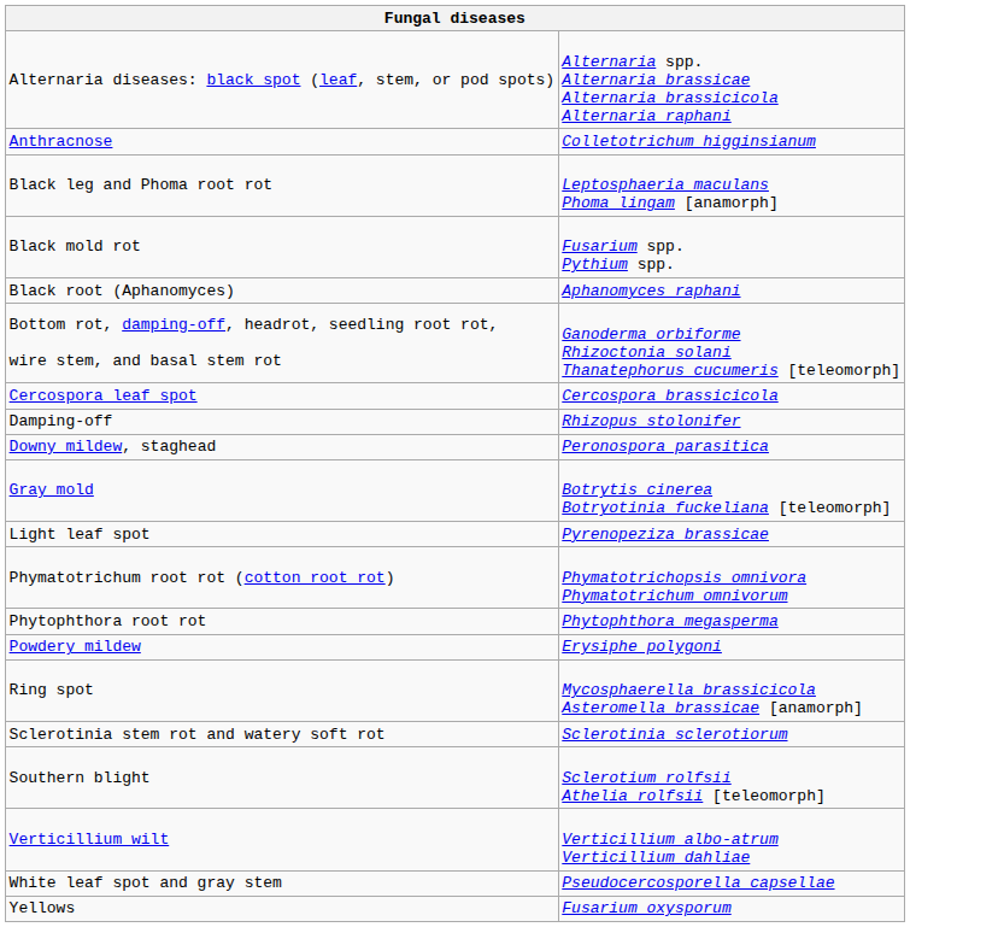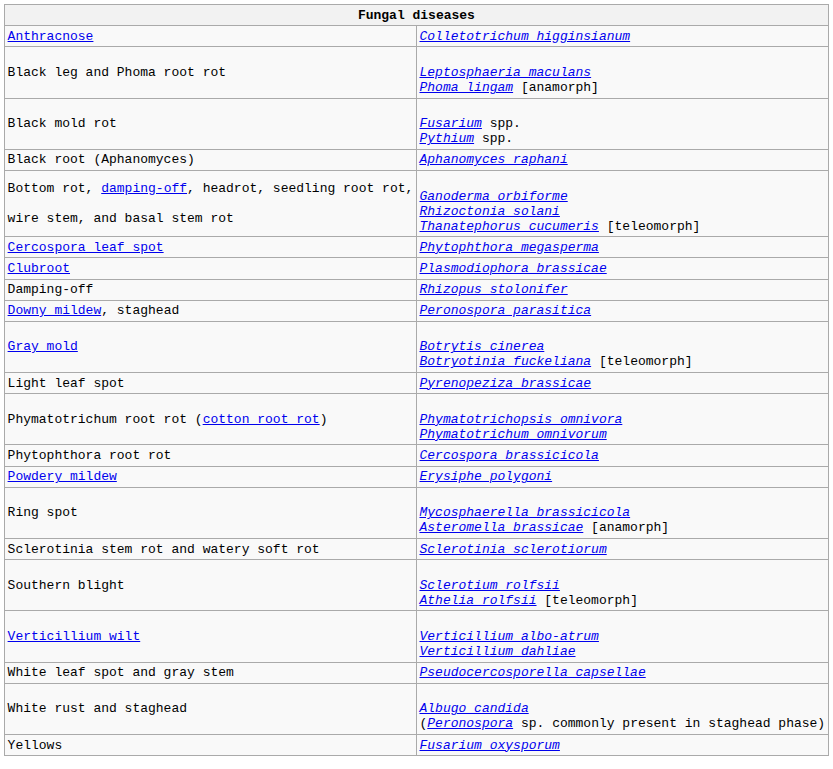 <table class="wikitable" style="clear">
 <tr>
 <th colspan=2><strong>Fungal diseases</strong><br></th>
-</tr>
-<tr>
-<td>Alternaria diseases: <a href='#'>black spot</a> (<a href='#'>leaf</a>, stem, or pod spots)</td>
-<td><br><em><a href='#'>Alternaria</a></em> spp. <br> <em><a href='#'>Alternaria brassicae</a></em><br> <em><a href='#'>Alternaria brassicicola</a></em><br> <em><a href='#'>Alternaria raphani</a></em></td>
 </tr>
 <tr>
 <td><a href='#'>Anthracnose</a></td>
 <td><em><a href='#'>Colletotrichum higginsianum</a></em></td>
 </tr>
 <tr>
 <td>Black leg and Phoma root rot</td>
 <td><br><em><a href='#'>Leptosphaeria maculans</a></em><br> <em><a href='#'>Phoma lingam</a></em> [anamorph]</td>
 </tr>
 <tr>
 <td>Black mold rot</td>
 <td><br><em><a href='#'>Fusarium</a></em> spp. <br> <em><a href='#'>Pythium</a></em> spp.</td>
 </tr>
 <tr>
 <td>Black root (Aphanomyces)</td>
 <td><em><a href='#'>Aphanomyces raphani</a></em></td>
 </tr>
 <tr>
 <td>Bottom rot, <a href='#'>damping-off</a>, headrot, seedling root rot, <br><br>wire stem, and basal stem rot</td>
 <td><br><em><a href='#'>Ganoderma orbiforme</a></em><br> <em><a href='#'>Rhizoctonia solani</a></em><br> <em><a href='#'>Thanatephorus cucumeris</a></em> [teleomorph]</td>
 </tr>
 <tr>
 <td><a href='#'>Cercospora leaf spot</a></td>
-<td><em><a href='#'>Cercospora brassicicola</a></em></td>
+<td><em><a href='#'>Phytophthora megasperma</a></em></td>
+</tr>
+<tr>
+<td><a href='#'>Clubroot</a></td>
+<td><em><a href='#'>Plasmodiophora brassicae</a></em></td>
 </tr>
 <tr>
 <td>Damping-off</td>
 <td><em><a href='#'>Rhizopus stolonifer</a></em></td>
 </tr>
 <tr>
 <td><a href='#'>Downy mildew</a>, staghead</td>
 <td><em><a href='#'>Peronospora parasitica</a></em></td>
 </tr>
 <tr>
 <td><a href='#'>Gray mold</a></td>
 <td><br><em><a href='#'>Botrytis cinerea</a></em><br> <em><a href='#'>Botryotinia fuckeliana</a></em> [teleomorph]</td>
 </tr>
 <tr>
 <td>Light leaf spot</td>
 <td><em><a href='#'>Pyrenopeziza brassicae</a></em></td>
 </tr>
 <tr>
 <td>Phymatotrichum root rot (<a href='#'>cotton root rot</a>)</td>
 <td><br><em><a href='#'>Phymatotrichopsis omnivora</a></em> <br>  <em><a href='#'>Phymatotrichum omnivorum</a></em></td>
 </tr>
 <tr>
 <td>Phytophthora root rot</td>
-<td><em><a href='#'>Phytophthora megasperma</a></em></td>
+<td><em><a href='#'>Cercospora brassicicola</a></em></td>
 </tr>
 <tr>
 <td><a href='#'>Powdery mildew</a></td>
 <td><em><a href='#'>Erysiphe polygoni</a></em></td>
 </tr>
 <tr>
 <td>Ring spot</td>
 <td><br><em><a href='#'>Mycosphaerella brassicicola</a></em><br> <em><a href='#'>Asteromella brassicae</a></em> [anamorph]</td>
 </tr>
 <tr>
 <td>Sclerotinia stem rot and watery soft rot</td>
 <td><em><a href='#'>Sclerotinia sclerotiorum</a></em></td>
 </tr>
 <tr>
 <td>Southern blight</td>
 <td><br><em><a href='#'>Sclerotium rolfsii</a></em><br> <em><a href='#'>Athelia rolfsii</a></em> [teleomorph]</td>
 </tr>
 <tr>
 <td><a href='#'>Verticillium wilt</a></td>
 <td><br><em><a href='#'>Verticillium albo-atrum</a></em><br> <em><a href='#'>Verticillium dahliae</a></em></td>
 </tr>
 <tr>
 <td>White leaf spot and gray stem</td>
 <td><em><a href='#'>Pseudocercosporella capsellae</a></em></td>
 </tr>
 <tr>
+<td>White rust and staghead</td>
+<td><br><em><a href='#'>Albugo candida</a></em><br> (<em><a href='#'>Peronospora</a></em> sp. commonly present in staghead phase)</td>
+</tr>
+<tr>
 <td>Yellows</td>
 <td><em><a href='#'>Fusarium oxysporum</a></em></td>
 </tr>
 <tr>
 </tr>
 </table>
